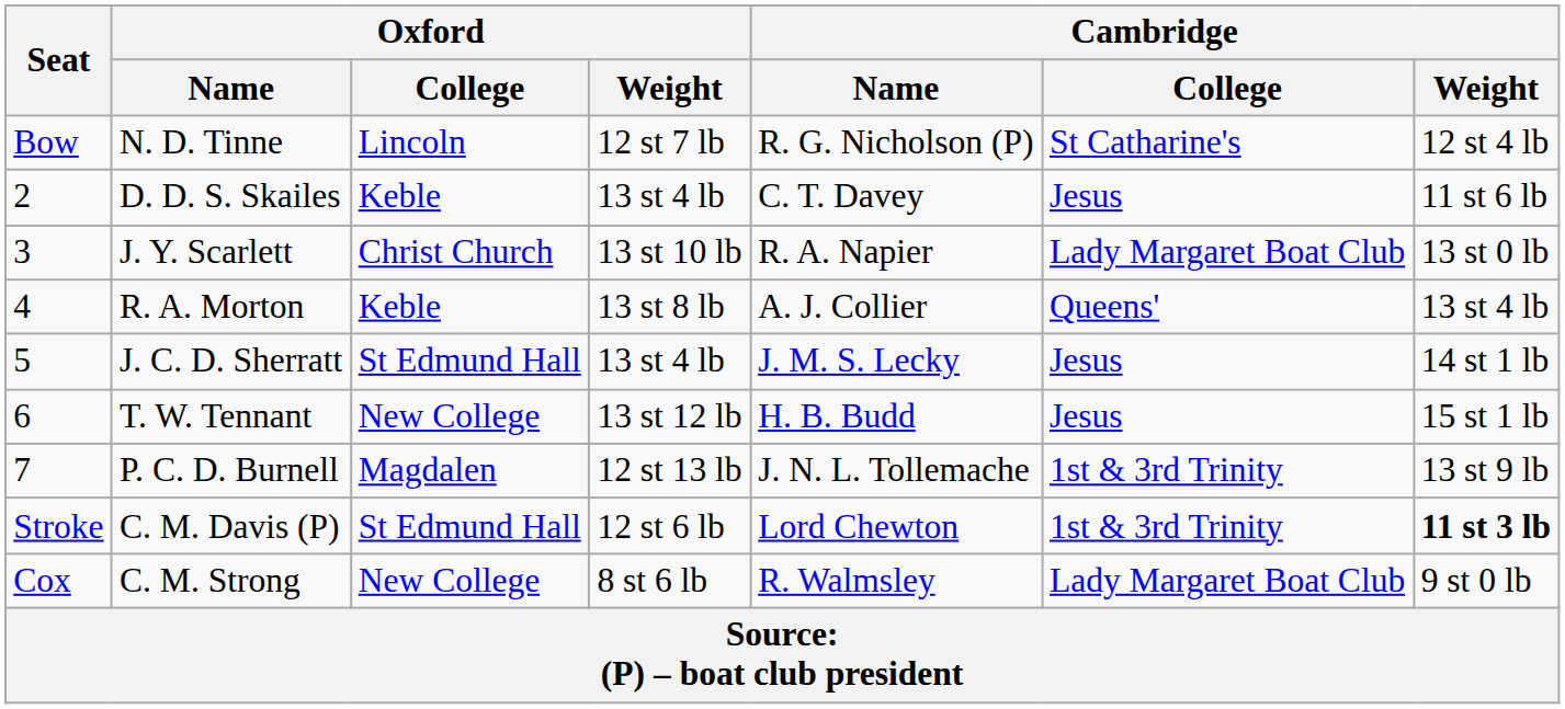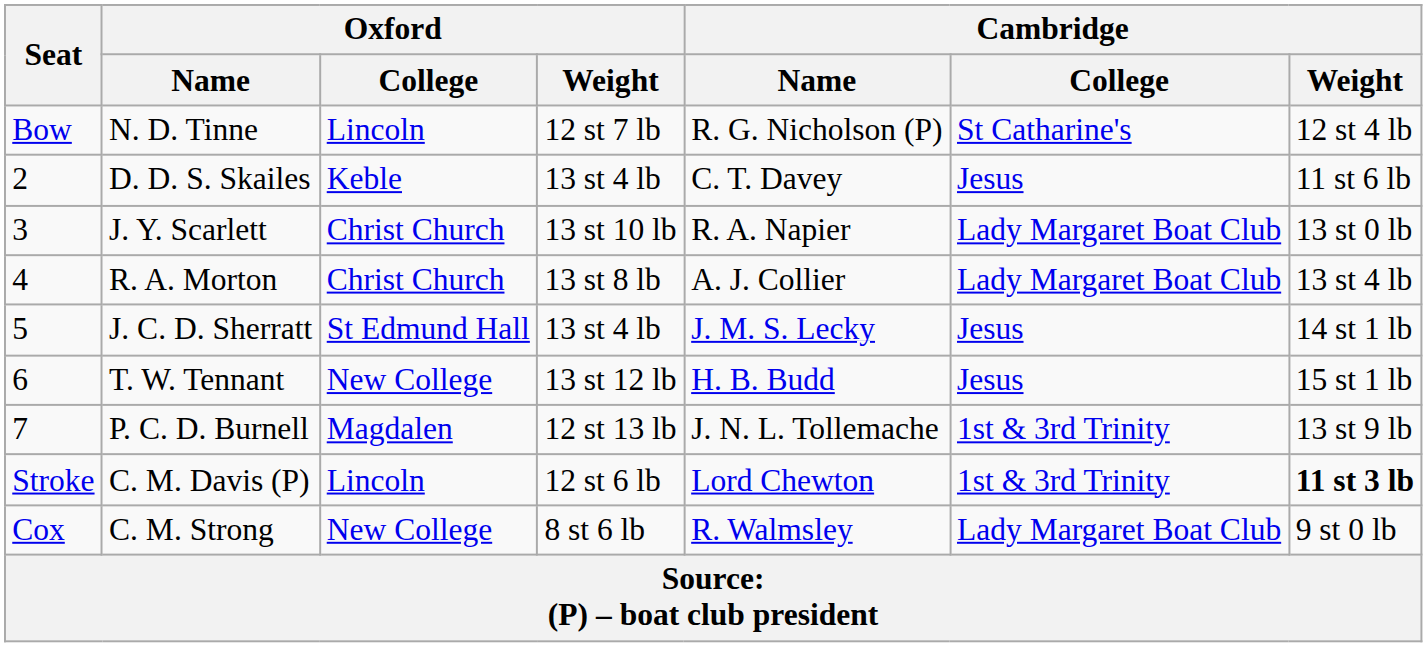 <table class="wikitable">
 <tr>
 <th rowspan="2" scope="col">Seat</th>
 <th colspan="3" scope="col">Oxford <br> </th>
 <th colspan="3" scope="col">Cambridge <br> </th>
 </tr>
 <tr>
 <th>Name</th>
 <th>College</th>
 <th>Weight</th>
 <th>Name</th>
 <th>College</th>
 <th>Weight</th>
 </tr>
 <tr>
 <td><a href='#'>Bow</a></td>
 <td>N. D. Tinne</td>
 <td><a href='#'>Lincoln</a></td>
 <td>12 st 7 lb</td>
 <td>R. G. Nicholson (P)</td>
 <td><a href='#'>St Catharine's</a></td>
 <td>12 st 4 lb</td>
 </tr>
 <tr>
 <td>2</td>
 <td>D. D. S. Skailes</td>
 <td><a href='#'>Keble</a></td>
 <td>13 st 4 lb</td>
 <td>C. T. Davey</td>
 <td><a href='#'>Jesus</a></td>
 <td>11 st 6 lb</td>
 </tr>
 <tr>
 <td>3</td>
 <td>J. Y. Scarlett</td>
 <td><a href='#'>Christ Church</a></td>
 <td>13 st 10 lb</td>
 <td>R. A. Napier</td>
 <td><a href='#'>Lady Margaret Boat Club</a></td>
 <td>13 st 0 lb</td>
 </tr>
 <tr>
 <td>4</td>
 <td>R. A. Morton</td>
-<td><a href='#'>Keble</a></td>
+<td><a href='#'>Christ Church</a></td>
 <td>13 st 8 lb</td>
 <td>A. J. Collier</td>
-<td><a href='#'>Queens'</a></td>
+<td><a href='#'>Lady Margaret Boat Club</a></td>
 <td>13 st 4 lb</td>
 </tr>
 <tr>
 <td>5</td>
 <td>J. C. D. Sherratt</td>
 <td><a href='#'>St Edmund Hall</a></td>
 <td>13 st 4 lb</td>
 <td><a href='#'>J. M. S. Lecky</a></td>
 <td><a href='#'>Jesus</a></td>
 <td>14 st 1 lb</td>
 </tr>
 <tr>
 <td>6</td>
 <td>T. W. Tennant</td>
 <td><a href='#'>New College</a></td>
 <td>13 st 12 lb</td>
 <td><a href='#'>H. B. Budd</a></td>
 <td><a href='#'>Jesus</a></td>
 <td>15 st 1 lb</td>
 </tr>
 <tr>
 <td>7</td>
 <td>P. C. D. Burnell</td>
 <td><a href='#'>Magdalen</a></td>
 <td>12 st 13 lb</td>
 <td>J. N. L. Tollemache</td>
 <td><a href='#'>1st & 3rd Trinity</a></td>
 <td>13 st 9 lb</td>
 </tr>
 <tr>
 <td><a href='#'>Stroke</a></td>
 <td>C. M. Davis (P)</td>
-<td><a href='#'>St Edmund Hall</a></td>
+<td><a href='#'>Lincoln</a></td>
 <td>12 st 6 lb</td>
 <td><a href='#'>Lord Chewton</a></td>
 <td><a href='#'>1st & 3rd Trinity</a></td>
 <td><strong>11 st 3 lb</strong></td>
 </tr>
 <tr>
 <td><a href='#'>Cox</a></td>
 <td>C. M. Strong</td>
 <td><a href='#'>New College</a></td>
 <td>8 st 6 lb</td>
 <td><a href='#'>R. Walmsley</a></td>
 <td><a href='#'>Lady Margaret Boat Club</a></td>
 <td>9 st 0 lb</td>
 </tr>
 <tr>
 <th colspan="7">Source:<br>(P) – boat club president</th>
 </tr>
 </table>
